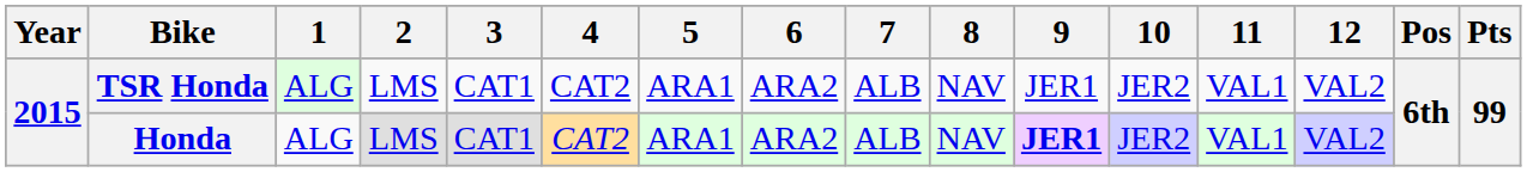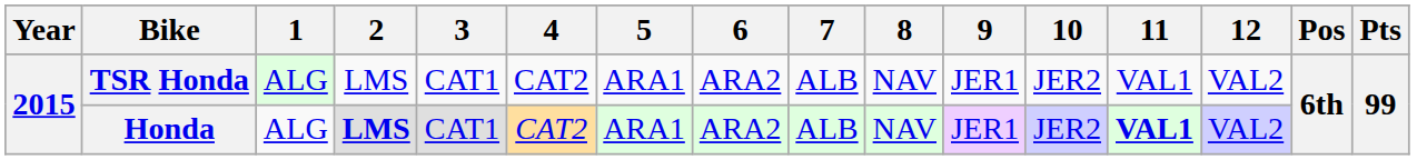 <table class="wikitable" style="text-align:center">
 <tr>
 <th>Year</th>
 <th>Bike</th>
 <th>1</th>
 <th>2</th>
 <th>3</th>
 <th>4</th>
 <th>5</th>
 <th>6</th>
 <th>7</th>
 <th>8</th>
 <th>9</th>
 <th>10</th>
 <th>11</th>
 <th>12</th>
 <th>Pos</th>
 <th>Pts</th>
 </tr>
 <tr>
 <th rowspan=2><a href='#'>2015</a></th>
 <th><a href='#'>TSR</a> <a href='#'>Honda</a></th>
 <td style="background:#dfffdf;"><a href='#'>ALG</a><br></td>
 <td style="background:#;"><a href='#'>LMS</a><br></td>
 <td style="background:#;"><a href='#'>CAT1</a><br></td>
 <td style="background:#;"><a href='#'>CAT2</a><br></td>
 <td style="background:#;"><a href='#'>ARA1</a><br></td>
 <td style="background:#;"><a href='#'>ARA2</a><br></td>
 <td style="background:#;"><a href='#'>ALB</a><br></td>
 <td style="background:#;"><a href='#'>NAV</a><br></td>
 <td style="background:#;"><a href='#'>JER1</a><br></td>
 <td style="background:#;"><a href='#'>JER2</a><br></td>
 <td style="background:#;"><a href='#'>VAL1</a><br></td>
 <td style="background:#;"><a href='#'>VAL2</a><br></td>
 <th rowspan=2>6th</th>
 <th rowspan=2>99</th>
 </tr>
 <tr>
 <th><a href='#'>Honda</a></th>
 <td style="background:#;"><a href='#'>ALG</a><br></td>
-<td style="background:#dfdfdf;"><a href='#'>LMS</a><br></td>
+<td style="background:#dfdfdf;"><strong><a href='#'>LMS</a><br></strong></td>
 <td style="background:#dfdfdf;"><a href='#'>CAT1</a><br></td>
 <td style="background:#ffdf9f;"><em><a href='#'>CAT2</a></em><br></td>
 <td style="background:#dfffdf;"><a href='#'>ARA1</a><br></td>
 <td style="background:#dfffdf;"><a href='#'>ARA2</a><br></td>
 <td style="background:#dfffdf;"><a href='#'>ALB</a><br></td>
 <td style="background:#dfffdf;"><a href='#'>NAV</a><br></td>
-<td style="background:#efcfff;"><strong><a href='#'>JER1</a><br></strong></td>
+<td style="background:#efcfff;"><a href='#'>JER1</a><br></td>
 <td style="background:#cfcfff;"><a href='#'>JER2</a><br></td>
-<td style="background:#dfffdf;"><a href='#'>VAL1</a><br></td>
+<td style="background:#dfffdf;"><strong><a href='#'>VAL1</a><br></strong></td>
 <td style="background:#cfcfff;"><a href='#'>VAL2</a><br></td>
 </tr>
 </table>
